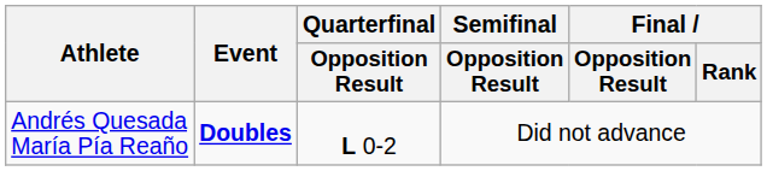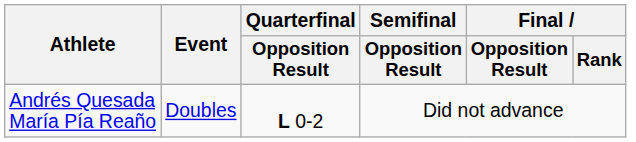 <table class=wikitable style=font-size:90%;text-align:center>
 <tr>
 <th rowspan=2>Athlete</th>
 <th rowspan=2>Event</th>
 <th>Quarterfinal</th>
 <th>Semifinal</th>
 <th colspan=2>Final / </th>
 </tr>
 <tr style=font-size:95%>
 <th>Opposition<br>Result</th>
 <th>Opposition<br>Result</th>
 <th>Opposition<br>Result</th>
 <th>Rank</th>
 </tr>
 <tr>
 <td align=left><a href='#'>Andrés Quesada</a><br><a href='#'>María Pía Reaño</a></td>
-<td align=left><strong><a href='#'>Doubles</a></strong></td>
+<td align=left><a href='#'>Doubles</a></td>
 <td><br><strong>L</strong> 0-2</td>
 <td colspan=3>Did not advance</td>
 </tr>
 </table>
